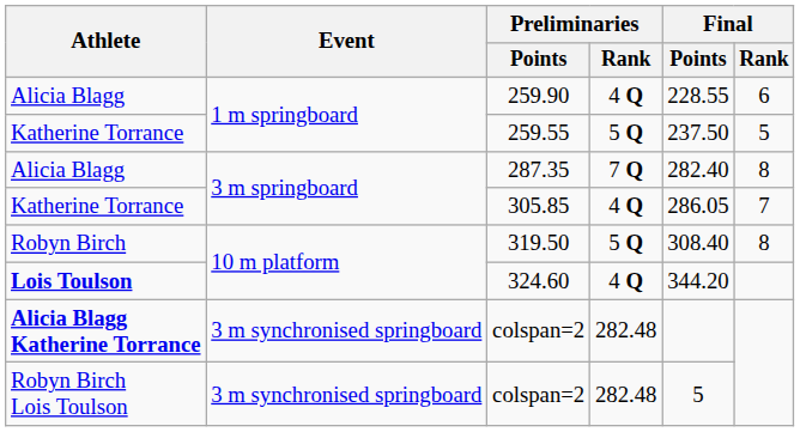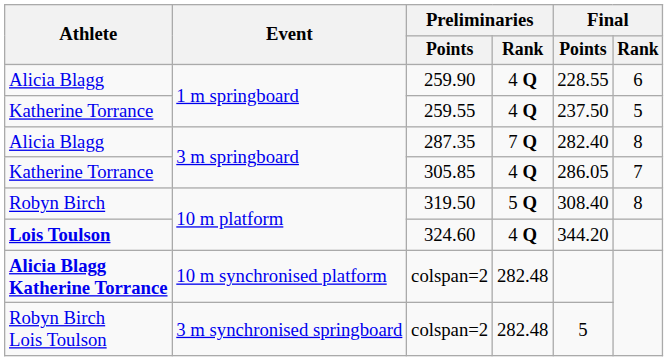 <table class="wikitable" style="font-size:90%;">
 <tr>
 <th rowspan=2>Athlete</th>
 <th rowspan=2>Event</th>
 <th colspan=2>Preliminaries</th>
 <th colspan=2>Final</th>
 </tr>
 <tr style="font-size:95%">
 <th>Points</th>
 <th>Rank</th>
 <th>Points</th>
 <th>Rank</th>
 </tr>
 <tr align=center>
 <td align=left><a href='#'>Alicia Blagg</a></td>
 <td align=left rowspan=2><a href='#'>1 m springboard</a></td>
 <td>259.90</td>
 <td>4 <strong>Q</strong></td>
 <td>228.55</td>
 <td>6</td>
 </tr>
 <tr align=center>
 <td align=left><a href='#'>Katherine Torrance</a></td>
 <td>259.55</td>
-<td>5 <strong>Q</strong></td>
+<td>4 <strong>Q</strong></td>
 <td>237.50</td>
 <td>5</td>
 </tr>
 <tr align=center>
 <td align=left><a href='#'>Alicia Blagg</a></td>
 <td align=left rowspan=2><a href='#'>3 m springboard</a></td>
 <td>287.35</td>
 <td>7 <strong>Q</strong></td>
 <td>282.40</td>
 <td>8</td>
 </tr>
 <tr align=center>
 <td align=left><a href='#'>Katherine Torrance</a></td>
 <td>305.85</td>
 <td>4 <strong>Q</strong></td>
 <td>286.05</td>
 <td>7</td>
 </tr>
 <tr align=center>
 <td align=left><a href='#'>Robyn Birch</a></td>
 <td align=left rowspan=2><a href='#'>10 m platform</a></td>
 <td>319.50</td>
 <td>5 <strong>Q</strong></td>
 <td>308.40</td>
 <td>8</td>
 </tr>
 <tr align=center>
 <td align=left><strong><a href='#'>Lois Toulson</a></strong></td>
 <td>324.60</td>
 <td>4 <strong>Q</strong></td>
 <td>344.20</td>
 <td></td>
 </tr>
 <tr align=center>
 <td align=left><strong><a href='#'>Alicia Blagg</a><br><a href='#'>Katherine Torrance</a></strong></td>
-<td align=left><a href='#'>3 m synchronised springboard</a></td>
+<td align=left><a href='#'>10 m synchronised platform</a></td>
 <td>colspan=2 </td>
 <td>282.48</td>
 <td></td>
 </tr>
 <tr align=center>
 <td align=left><a href='#'>Robyn Birch</a><br><a href='#'>Lois Toulson</a></td>
 <td align=left><a href='#'>3 m synchronised springboard</a></td>
 <td>colspan=2 </td>
 <td>282.48</td>
 <td>5</td>
 </tr>
 </table>
